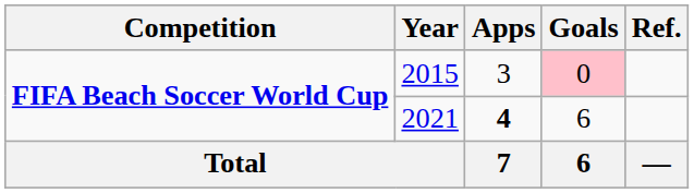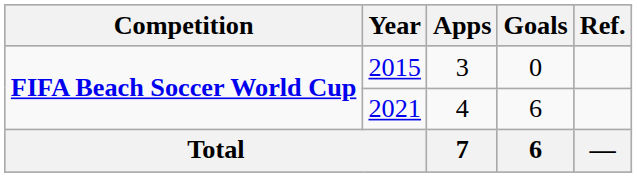 <table class="wikitable" style="text-align:center;">
 <tr>
 <th>Competition</th>
 <th>Year</th>
 <th>Apps</th>
 <th>Goals</th>
 <th>Ref.</th>
 </tr>
 <tr>
 <td rowspan="2"><strong><a href='#'>FIFA Beach Soccer World Cup</a></strong></td>
 <td> <a href='#'>2015</a></td>
 <td>3</td>
-<td style="background: pink;">0</td>
+<td>0</td>
 <td></td>
 </tr>
 <tr>
 <td> <a href='#'>2021</a></td>
-<td><strong>4</strong></td>
+<td>4</td>
 <td>6</td>
 <td></td>
 </tr>
 <tr>
 <th colspan=2>Total</th>
 <th>7</th>
 <th>6</th>
 <th>—</th>
 </tr>
 </table>
